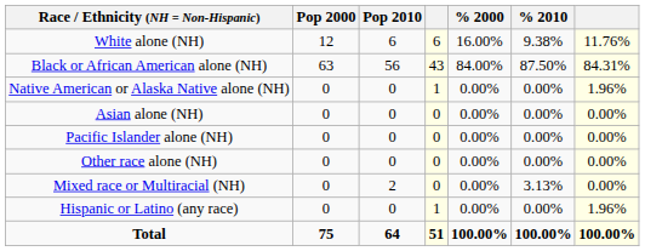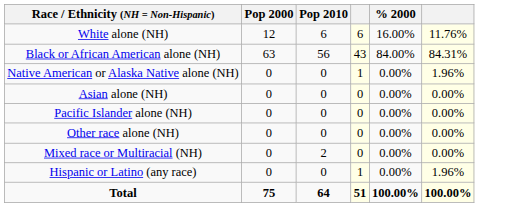 <table class="wikitable" style="text-align:center;">
 <tr>
 <th>Race / Ethnicity <small>(<em>NH = Non-Hispanic</em>)</small></th>
 <th>Pop 2000</th>
 <th>Pop 2010</th>
 <th></th>
 <th>% 2000</th>
-<th>% 2010</th>
 <th></th>
 </tr>
 <tr>
 <td><a href='#'>White</a> alone (NH)</td>
 <td>12</td>
 <td>6</td>
 <td style='background: #ffffe6;'>6</td>
 <td>16.00%</td>
-<td>9.38%</td>
 <td style='background: #ffffe6;'>11.76%</td>
 </tr>
 <tr>
 <td><a href='#'>Black or African American</a> alone (NH)</td>
 <td>63</td>
 <td>56</td>
 <td style='background: #ffffe6;'>43</td>
 <td>84.00%</td>
-<td>87.50%</td>
 <td style='background: #ffffe6;'>84.31%</td>
 </tr>
 <tr>
 <td><a href='#'>Native American</a> or <a href='#'>Alaska Native</a> alone (NH)</td>
 <td>0</td>
 <td>0</td>
 <td style='background: #ffffe6;'>1</td>
-<td>0.00%</td>
 <td>0.00%</td>
 <td style='background: #ffffe6;'>1.96%</td>
 </tr>
 <tr>
 <td><a href='#'>Asian</a> alone (NH)</td>
 <td>0</td>
 <td>0</td>
 <td style='background: #ffffe6;'>0</td>
 <td>0.00%</td>
-<td>0.00%</td>
 <td style='background: #ffffe6;'>0.00%</td>
 </tr>
 <tr>
 <td><a href='#'>Pacific Islander</a> alone (NH)</td>
 <td>0</td>
 <td>0</td>
 <td style='background: #ffffe6;'>0</td>
-<td>0.00%</td>
 <td>0.00%</td>
 <td style='background: #ffffe6;'>0.00%</td>
 </tr>
 <tr>
 <td><a href='#'>Other race</a> alone (NH)</td>
 <td>0</td>
 <td>0</td>
 <td style='background: #ffffe6;'>0</td>
 <td>0.00%</td>
-<td>0.00%</td>
 <td style='background: #ffffe6;'>0.00%</td>
 </tr>
 <tr>
 <td><a href='#'>Mixed race or Multiracial</a> (NH)</td>
 <td>0</td>
 <td>2</td>
 <td style='background: #ffffe6;'>0</td>
 <td>0.00%</td>
-<td>3.13%</td>
 <td style='background: #ffffe6;'>0.00%</td>
 </tr>
 <tr>
 <td><a href='#'>Hispanic or Latino</a> (any race)</td>
 <td>0</td>
 <td>0</td>
 <td style='background: #ffffe6;'>1</td>
-<td>0.00%</td>
 <td>0.00%</td>
 <td style='background: #ffffe6;'>1.96%</td>
 </tr>
 <tr>
 <td><strong>Total</strong></td>
 <td><strong>75</strong></td>
 <td><strong>64</strong></td>
 <td style='background: #ffffe6;'><strong>51</strong></td>
 <td><strong>100.00%</strong></td>
-<td><strong>100.00%</strong></td>
 <td style='background: #ffffe6;'><strong>100.00%</strong></td>
 </tr>
 </table>
